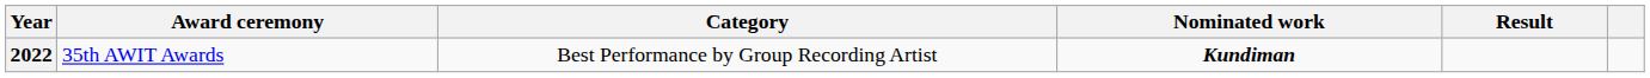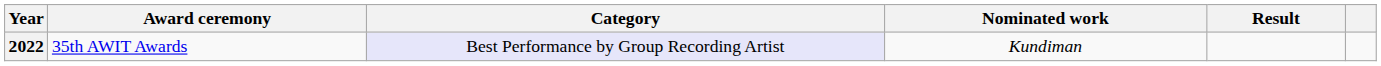 <table class="wikitable sortable" style="text-align:left;">
 <tr>
 <th scope="col" style="width:1em;">Year</th>
 <th scope="col" style="width:25em;">Award ceremony</th>
 <th scope="col" style="width:42em;">Category</th>
 <th scope="col" style="width:25em;">Nominated work</th>
 <th scope="col" style="width:10em;">Result</th>
 <th scope="col" style="width:2em;"></th>
 </tr>
 <tr>
 <th>2022</th>
 <td scope="row" rowspan="5"><a href='#'>35th AWIT Awards</a></td>
-<td align="center">Best Performance by Group Recording Artist</td>
-<td align=center><strong><em>Kundiman</em></strong></td>
+<td align="center" style="background: lavender;">Best Performance by Group Recording Artist</td>
+<td align=center><em>Kundiman</em></td>
 <td></td>
 <td rowspan="5" style="text-align:center"></td>
 </tr>
 </table>
